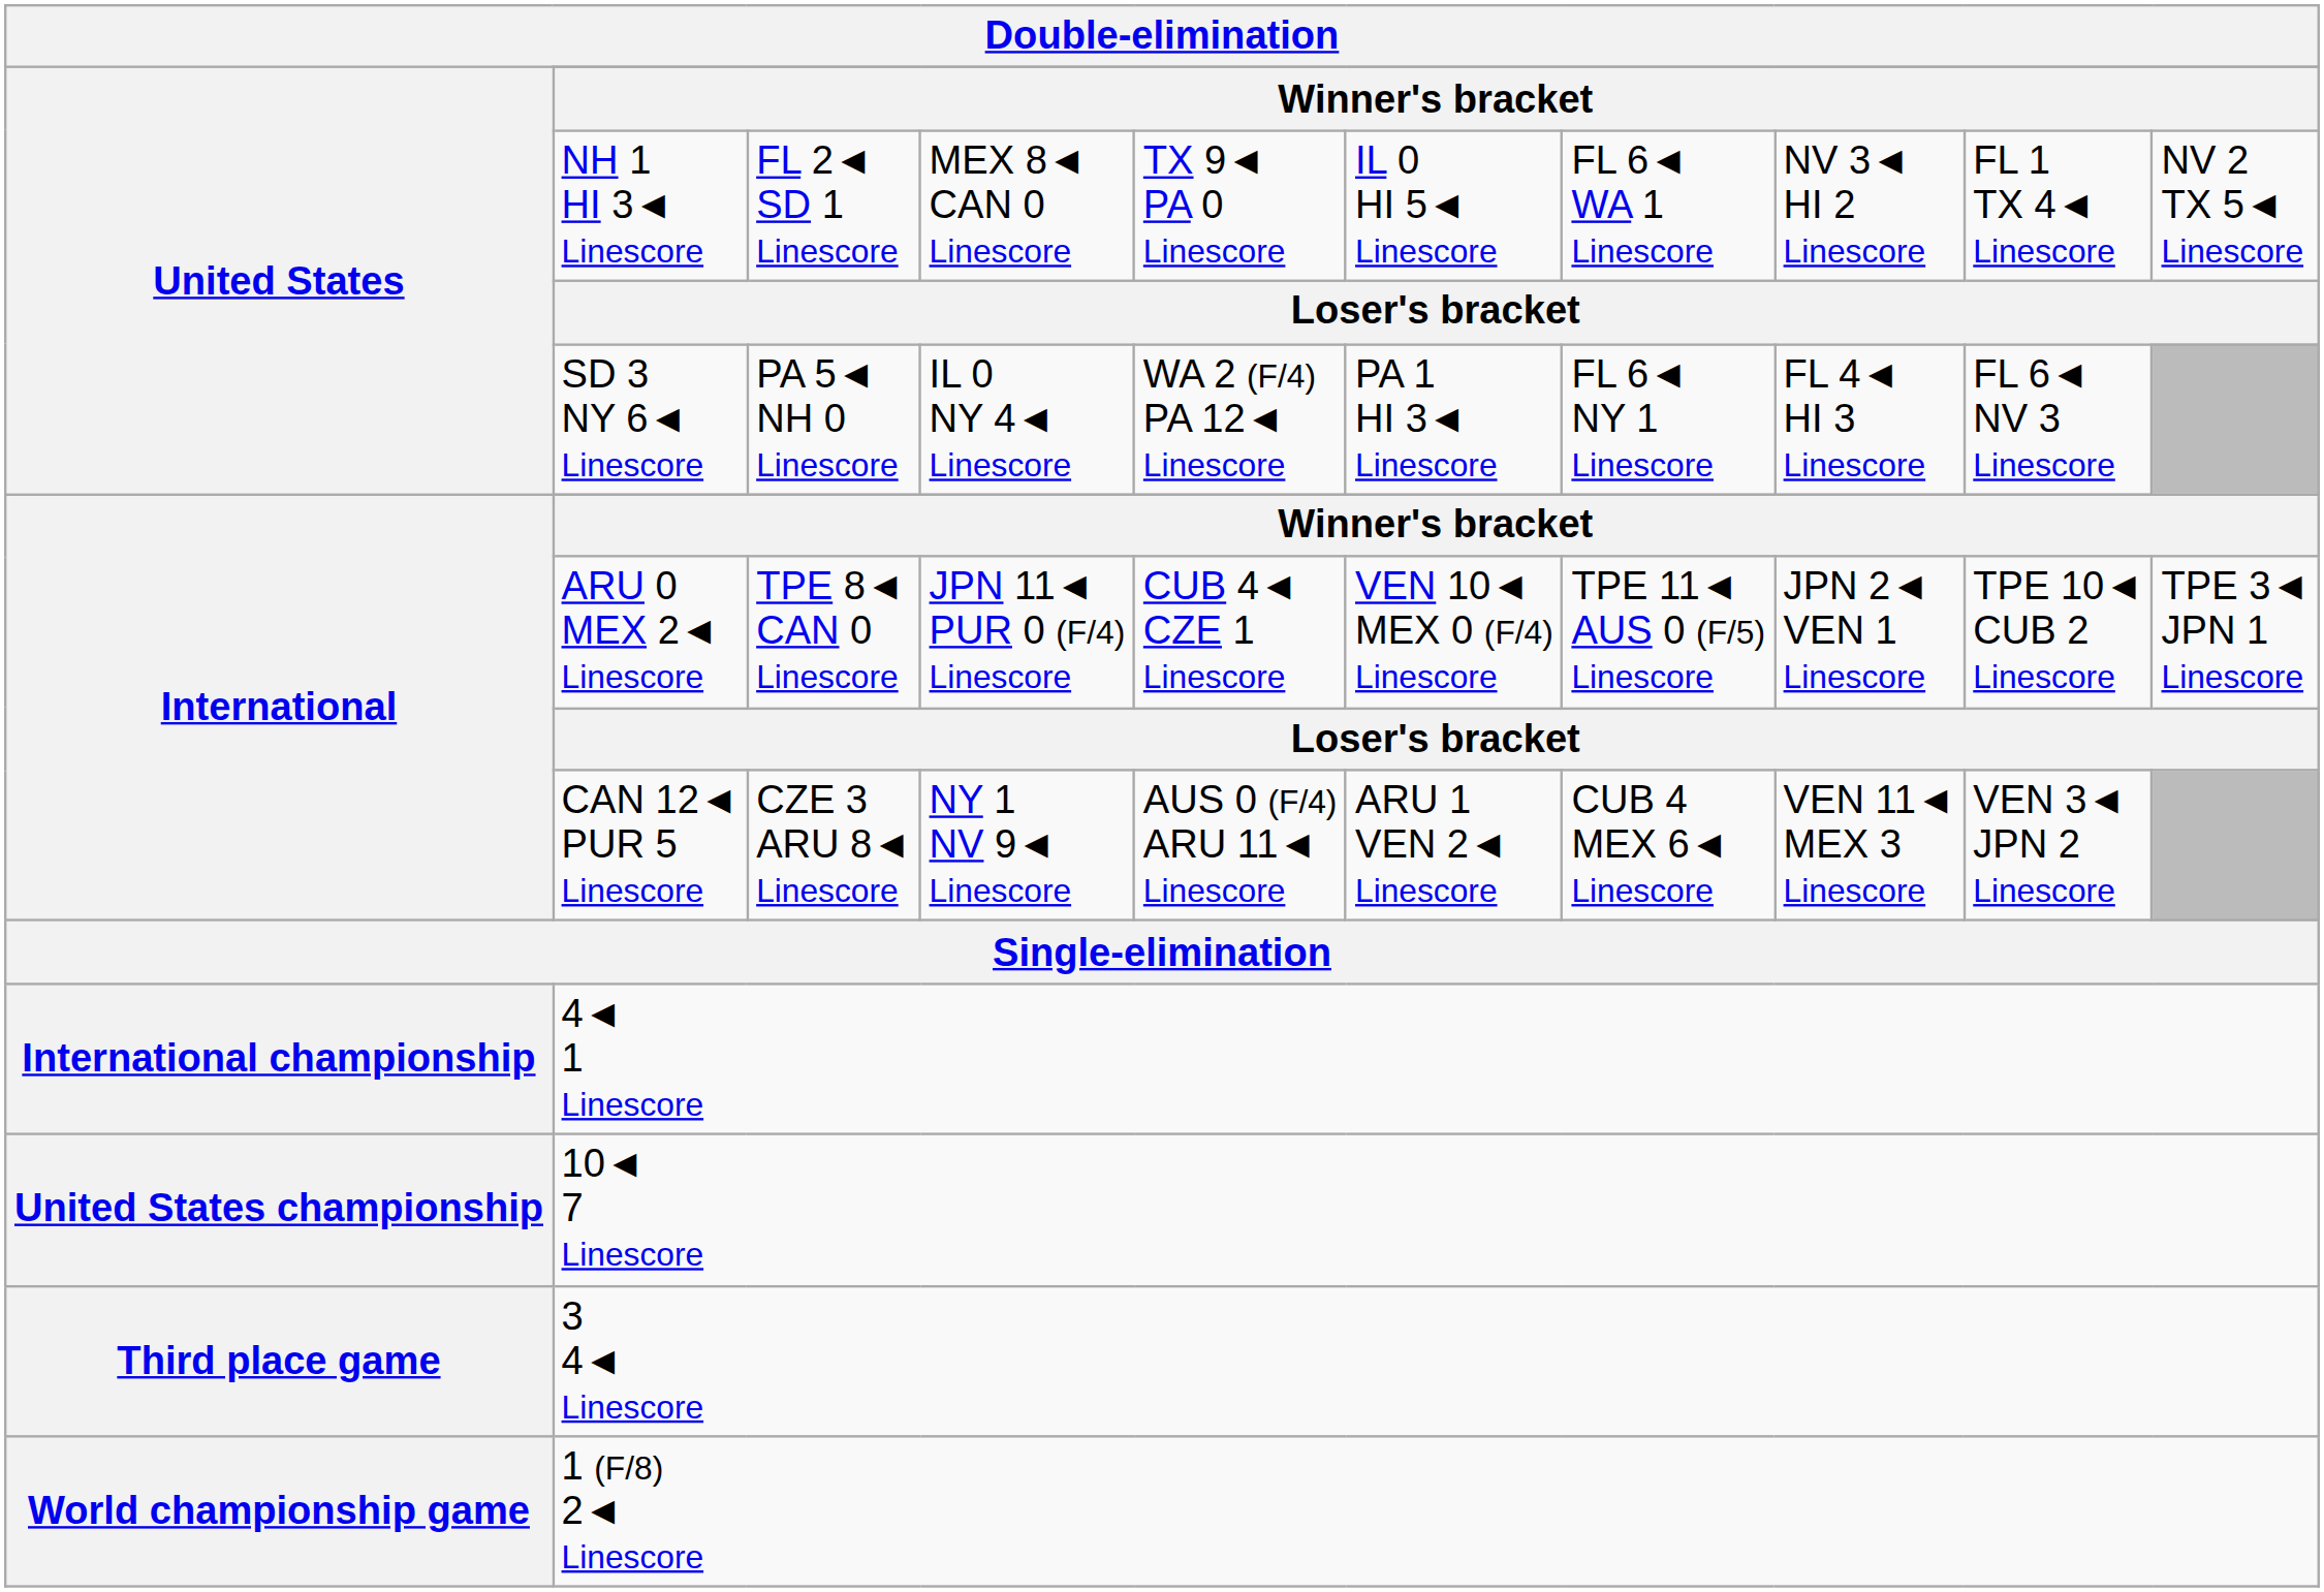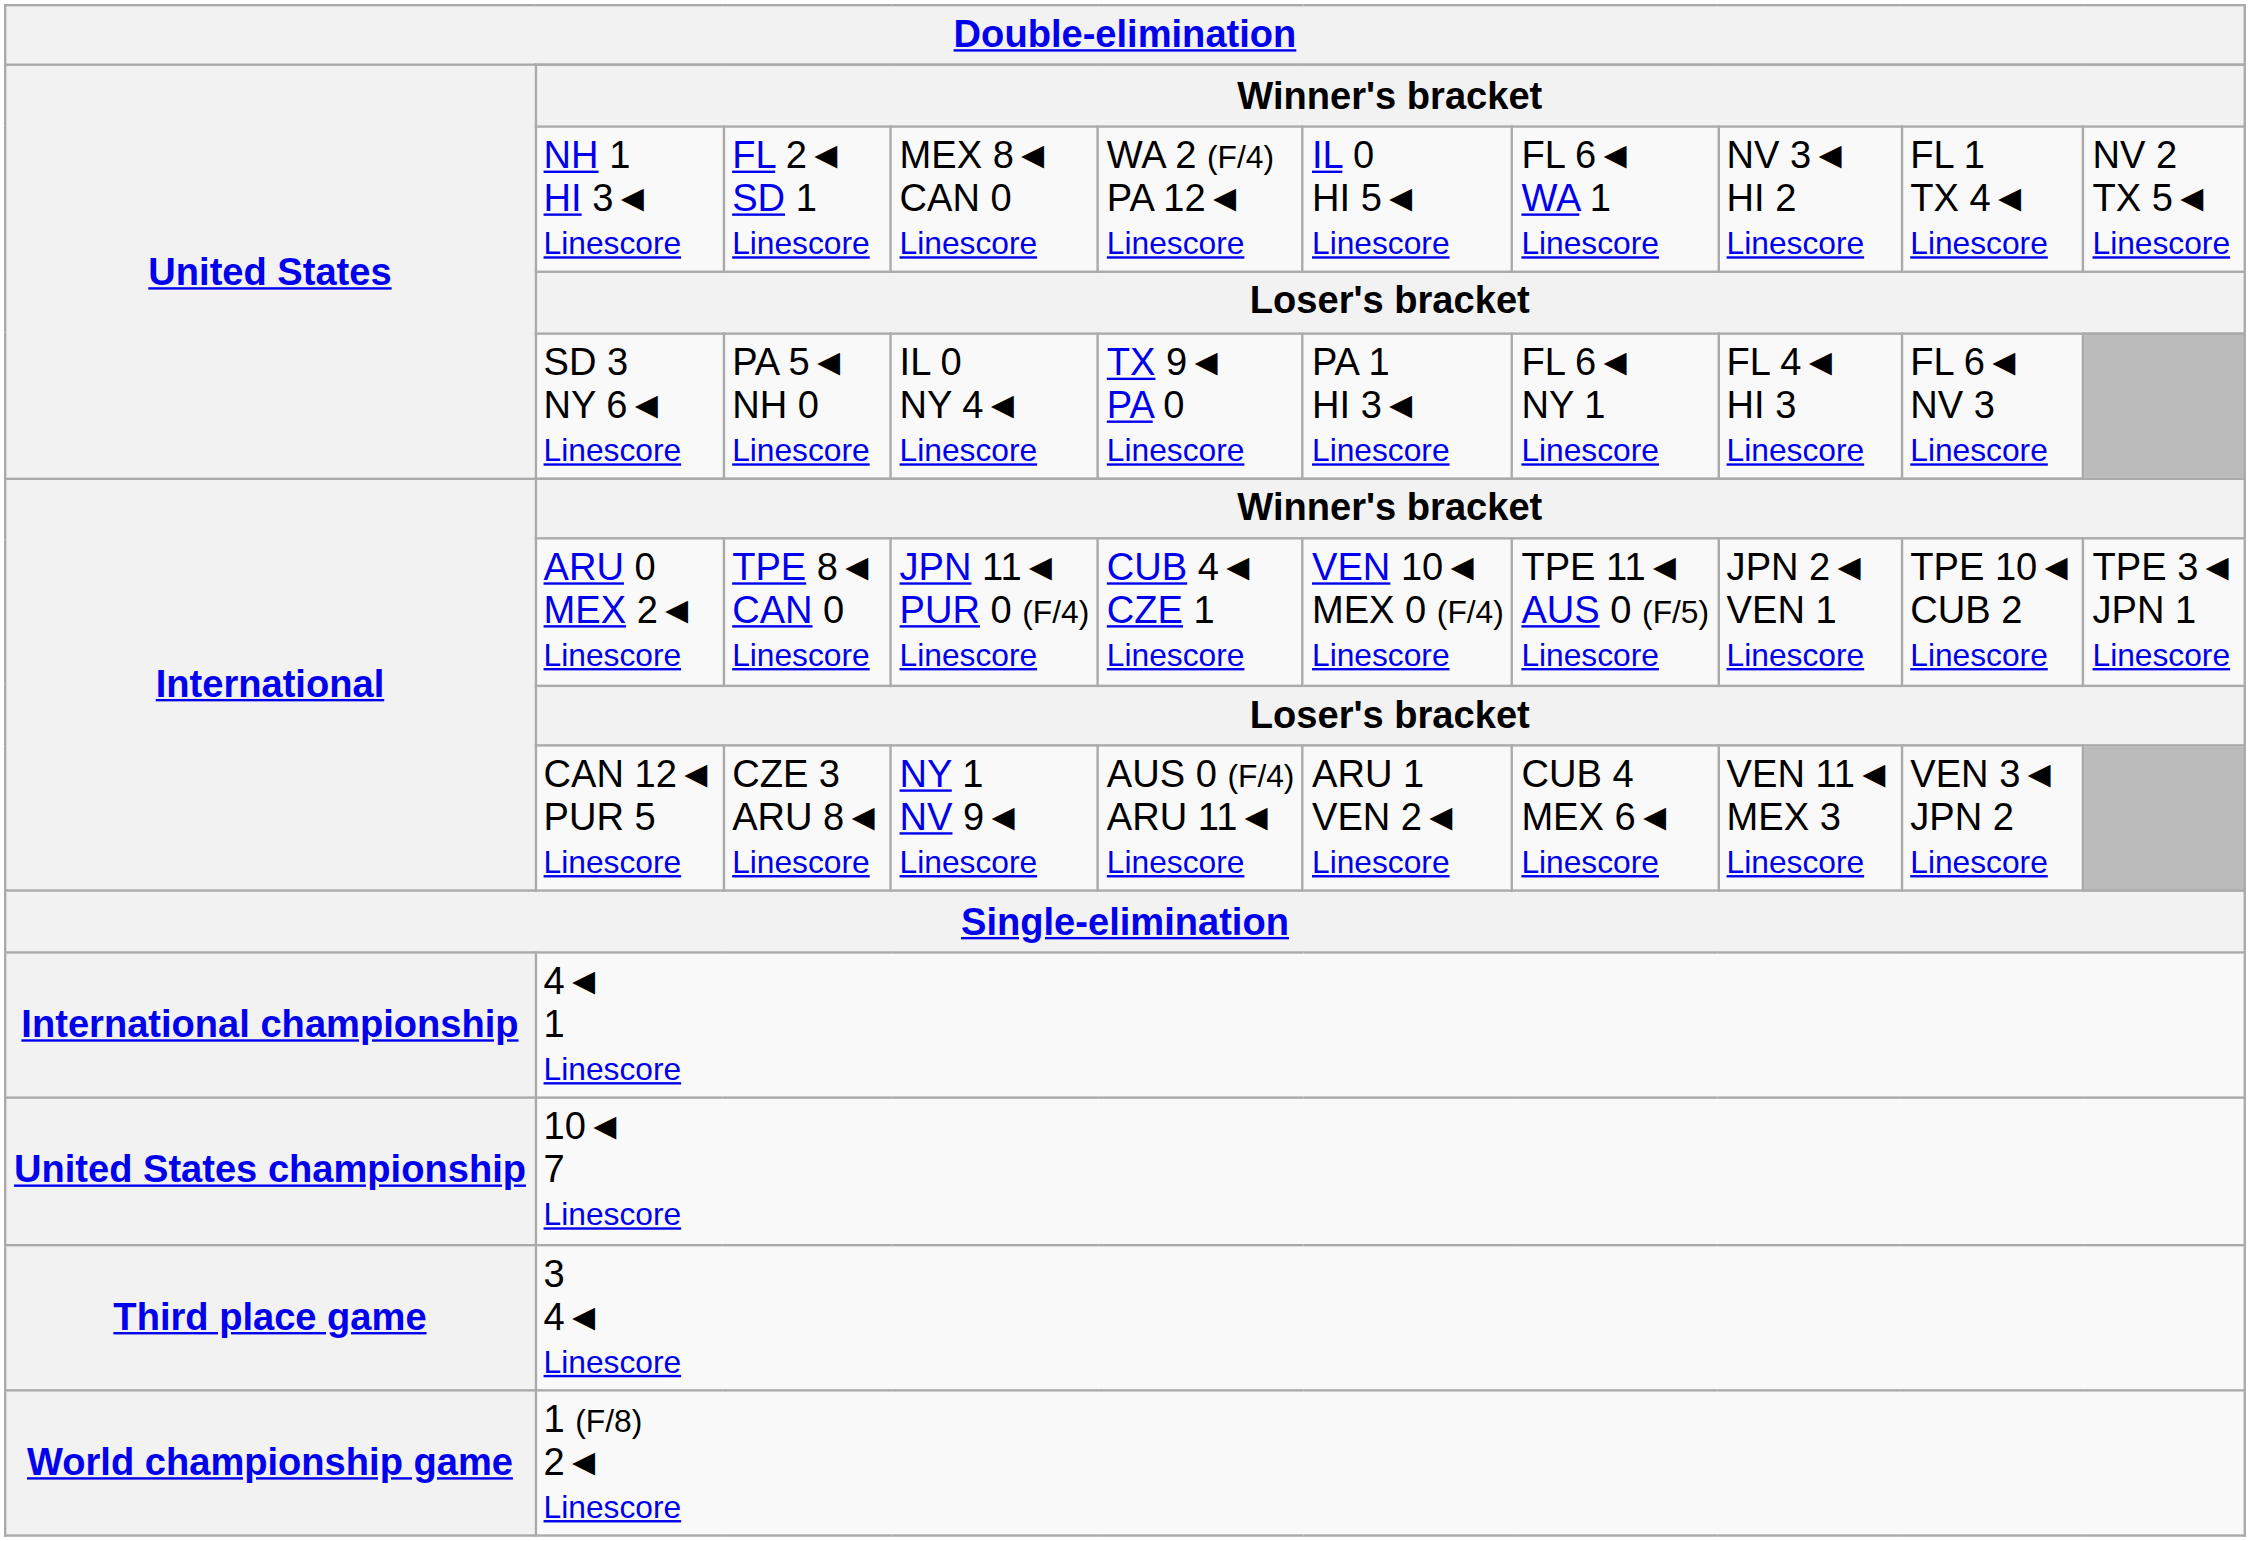 <table class="wikitable">
 <tr>
 <th colspan="10"><a href='#'>Double-elimination</a></th>
 </tr>
 <tr>
 <th rowspan="5"><a href='#'>United States</a></th>
 </tr>
 <tr>
 <th colspan="9">Winner's bracket</th>
 </tr>
 <tr>
 <td> <a href='#'>NH</a> 1<br> <a href='#'>HI</a> 3◄<br><small><a href='#'>Linescore</a></small></td>
 <td> <a href='#'>FL</a> 2◄<br> <a href='#'>SD</a> 1<br><small><a href='#'>Linescore</a></small></td>
 <td> MEX 8◄<br>  CAN 0<br><small><a href='#'>Linescore</a></small></td>
-<td> <a href='#'>TX</a> 9◄<br> <a href='#'>PA</a> 0<br><small><a href='#'>Linescore</a></small></td>
+<td> WA 2 <small>(F/4)</small><br> PA 12◄<br><small><a href='#'>Linescore</a></small></td>
 <td> <a href='#'>IL</a> 0<br> HI 5◄<br><small><a href='#'>Linescore</a></small></td>
 <td> FL 6◄<br> <a href='#'>WA</a> 1<br><small><a href='#'>Linescore</a></small></td>
 <td> NV 3◄<br> HI 2<br><small><a href='#'>Linescore</a></small></td>
 <td> FL 1<br> TX 4◄<br><small><a href='#'>Linescore</a></small></td>
 <td> NV 2<br> TX 5◄<br><small><a href='#'>Linescore</a></small></td>
 </tr>
 <tr>
 <th colspan="9">Loser's bracket</th>
 </tr>
 <tr>
 <td> SD 3<br> NY 6◄ <br><small><a href='#'>Linescore</a></small></td>
 <td> PA 5◄<br>  NH 0 <br><small><a href='#'>Linescore</a></small></td>
 <td> IL 0<br>  NY 4◄<br><small><a href='#'>Linescore</a></small></td>
-<td> WA 2 <small>(F/4)</small><br> PA 12◄<br><small><a href='#'>Linescore</a></small></td>
+<td> <a href='#'>TX</a> 9◄<br> <a href='#'>PA</a> 0<br><small><a href='#'>Linescore</a></small></td>
 <td> PA 1<br> HI 3◄<br><small><a href='#'>Linescore</a></small></td>
 <td> FL 6◄<br> NY 1<br><small><a href='#'>Linescore</a></small></td>
 <td> FL 4◄<br> HI 3<br><small><a href='#'>Linescore</a></small></td>
 <td> FL 6◄<br> NV 3<br><small><a href='#'>Linescore</a></small></td>
 <td bgcolor="bbbbbb"> </td>
 </tr>
 <tr>
 <th rowspan="5"><a href='#'>International</a></th>
 </tr>
 <tr>
 <th colspan="9">Winner's bracket</th>
 </tr>
 <tr>
 <td> <a href='#'>ARU</a> 0<br> <a href='#'>MEX</a> 2◄<br><small><a href='#'>Linescore</a></small></td>
 <td> <a href='#'>TPE</a> 8◄<br> <a href='#'>CAN</a> 0<br><small><a href='#'>Linescore</a></small></td>
 <td> <a href='#'>JPN</a> 11◄<br> <a href='#'>PUR</a> 0 <small>(F/4)</small><br><small><a href='#'>Linescore</a></small></td>
 <td> <a href='#'>CUB</a> 4◄<br> <a href='#'>CZE</a> 1<br><small><a href='#'>Linescore</a></small></td>
 <td> <a href='#'>VEN</a> 10◄<br> MEX 0 <small>(F/4)</small><br><small><a href='#'>Linescore</a></small></td>
 <td> TPE 11◄<br> <a href='#'>AUS</a> 0 <small>(F/5)</small><br><small><a href='#'>Linescore</a></small></td>
 <td> JPN 2◄<br> VEN 1<br><small><a href='#'>Linescore</a></small></td>
 <td> TPE 10◄<br> CUB 2<br><small><a href='#'>Linescore</a></small></td>
 <td> TPE 3◄<br> JPN 1<br><small><a href='#'>Linescore</a></small></td>
 </tr>
 <tr>
 <th colspan="9">Loser's bracket</th>
 </tr>
 <tr>
 <td> CAN 12◄<br> PUR 5<br><small><a href='#'>Linescore</a></small></td>
 <td> CZE 3<br>  ARU 8◄ <br><small><a href='#'>Linescore</a></small></td>
 <td> <a href='#'>NY</a> 1<br> <a href='#'>NV</a> 9◄<br><small><a href='#'>Linescore</a></small></td>
 <td> AUS 0 <small>(F/4)</small><br>  ARU 11◄<br><small><a href='#'>Linescore</a></small></td>
 <td> ARU 1<br> VEN 2◄<br><small><a href='#'>Linescore</a></small></td>
 <td> CUB 4<br> MEX 6◄<br><small><a href='#'>Linescore</a></small></td>
 <td> VEN 11◄<br> MEX 3<br><small><a href='#'>Linescore</a></small></td>
 <td> VEN 3◄<br> JPN 2<br><small><a href='#'>Linescore</a></small></td>
 <td bgcolor="bbbbbb"> </td>
 </tr>
 <tr>
 <th colspan="10"><a href='#'>Single-elimination</a></th>
 </tr>
 <tr>
 <th><a href='#'>International championship</a></th>
 <td colspan="10">  4◄<br> 1<br><small><a href='#'>Linescore</a></small></td>
 </tr>
 <tr>
 <th><a href='#'>United States championship</a></th>
 <td colspan="10"> 10◄<br> 7<br><small> <a href='#'>Linescore</a></small></td>
 </tr>
 <tr>
 <th><a href='#'>Third place game</a></th>
 <td colspan="10"> 3<br> 4◄<br><small><a href='#'>Linescore</a></small></td>
 </tr>
 <tr>
 <th><a href='#'>World championship game</a></th>
 <td colspan="10"> 1 <small>(F/8)</small><br> 2◄<br><small><a href='#'>Linescore</a></small></td>
 </tr>
 </table>
